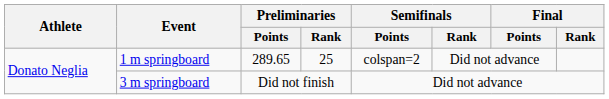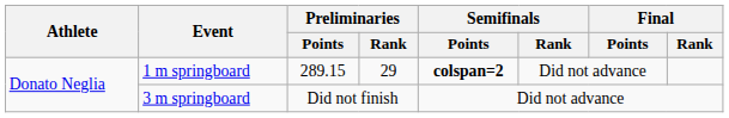 <table class="wikitable" style="text-align:center; font-size:90%; width:50%;">
 <tr>
 <th rowspan=2>Athlete</th>
 <th rowspan=2>Event</th>
 <th colspan=2>Preliminaries</th>
 <th colspan=2>Semifinals</th>
 <th colspan=2>Final</th>
 </tr>
 <tr style="font-size:95%">
 <th>Points</th>
 <th>Rank</th>
 <th>Points</th>
 <th>Rank</th>
 <th>Points</th>
 <th>Rank</th>
 </tr>
 <tr>
 <td align=left rowspan=2><a href='#'>Donato Neglia</a></td>
 <td align=left><a href='#'>1 m springboard</a></td>
-<td>289.65</td>
-<td>25</td>
-<td>colspan=2 </td>
+<td>289.15</td>
+<td>29</td>
+<td><strong>colspan=2 </strong></td>
 <td colspan=2>Did not advance</td>
 </tr>
 <tr>
 <td align=left><a href='#'>3 m springboard</a></td>
 <td colspan=2>Did not finish</td>
 <td colspan=4>Did not advance</td>
 </tr>
 </table>
